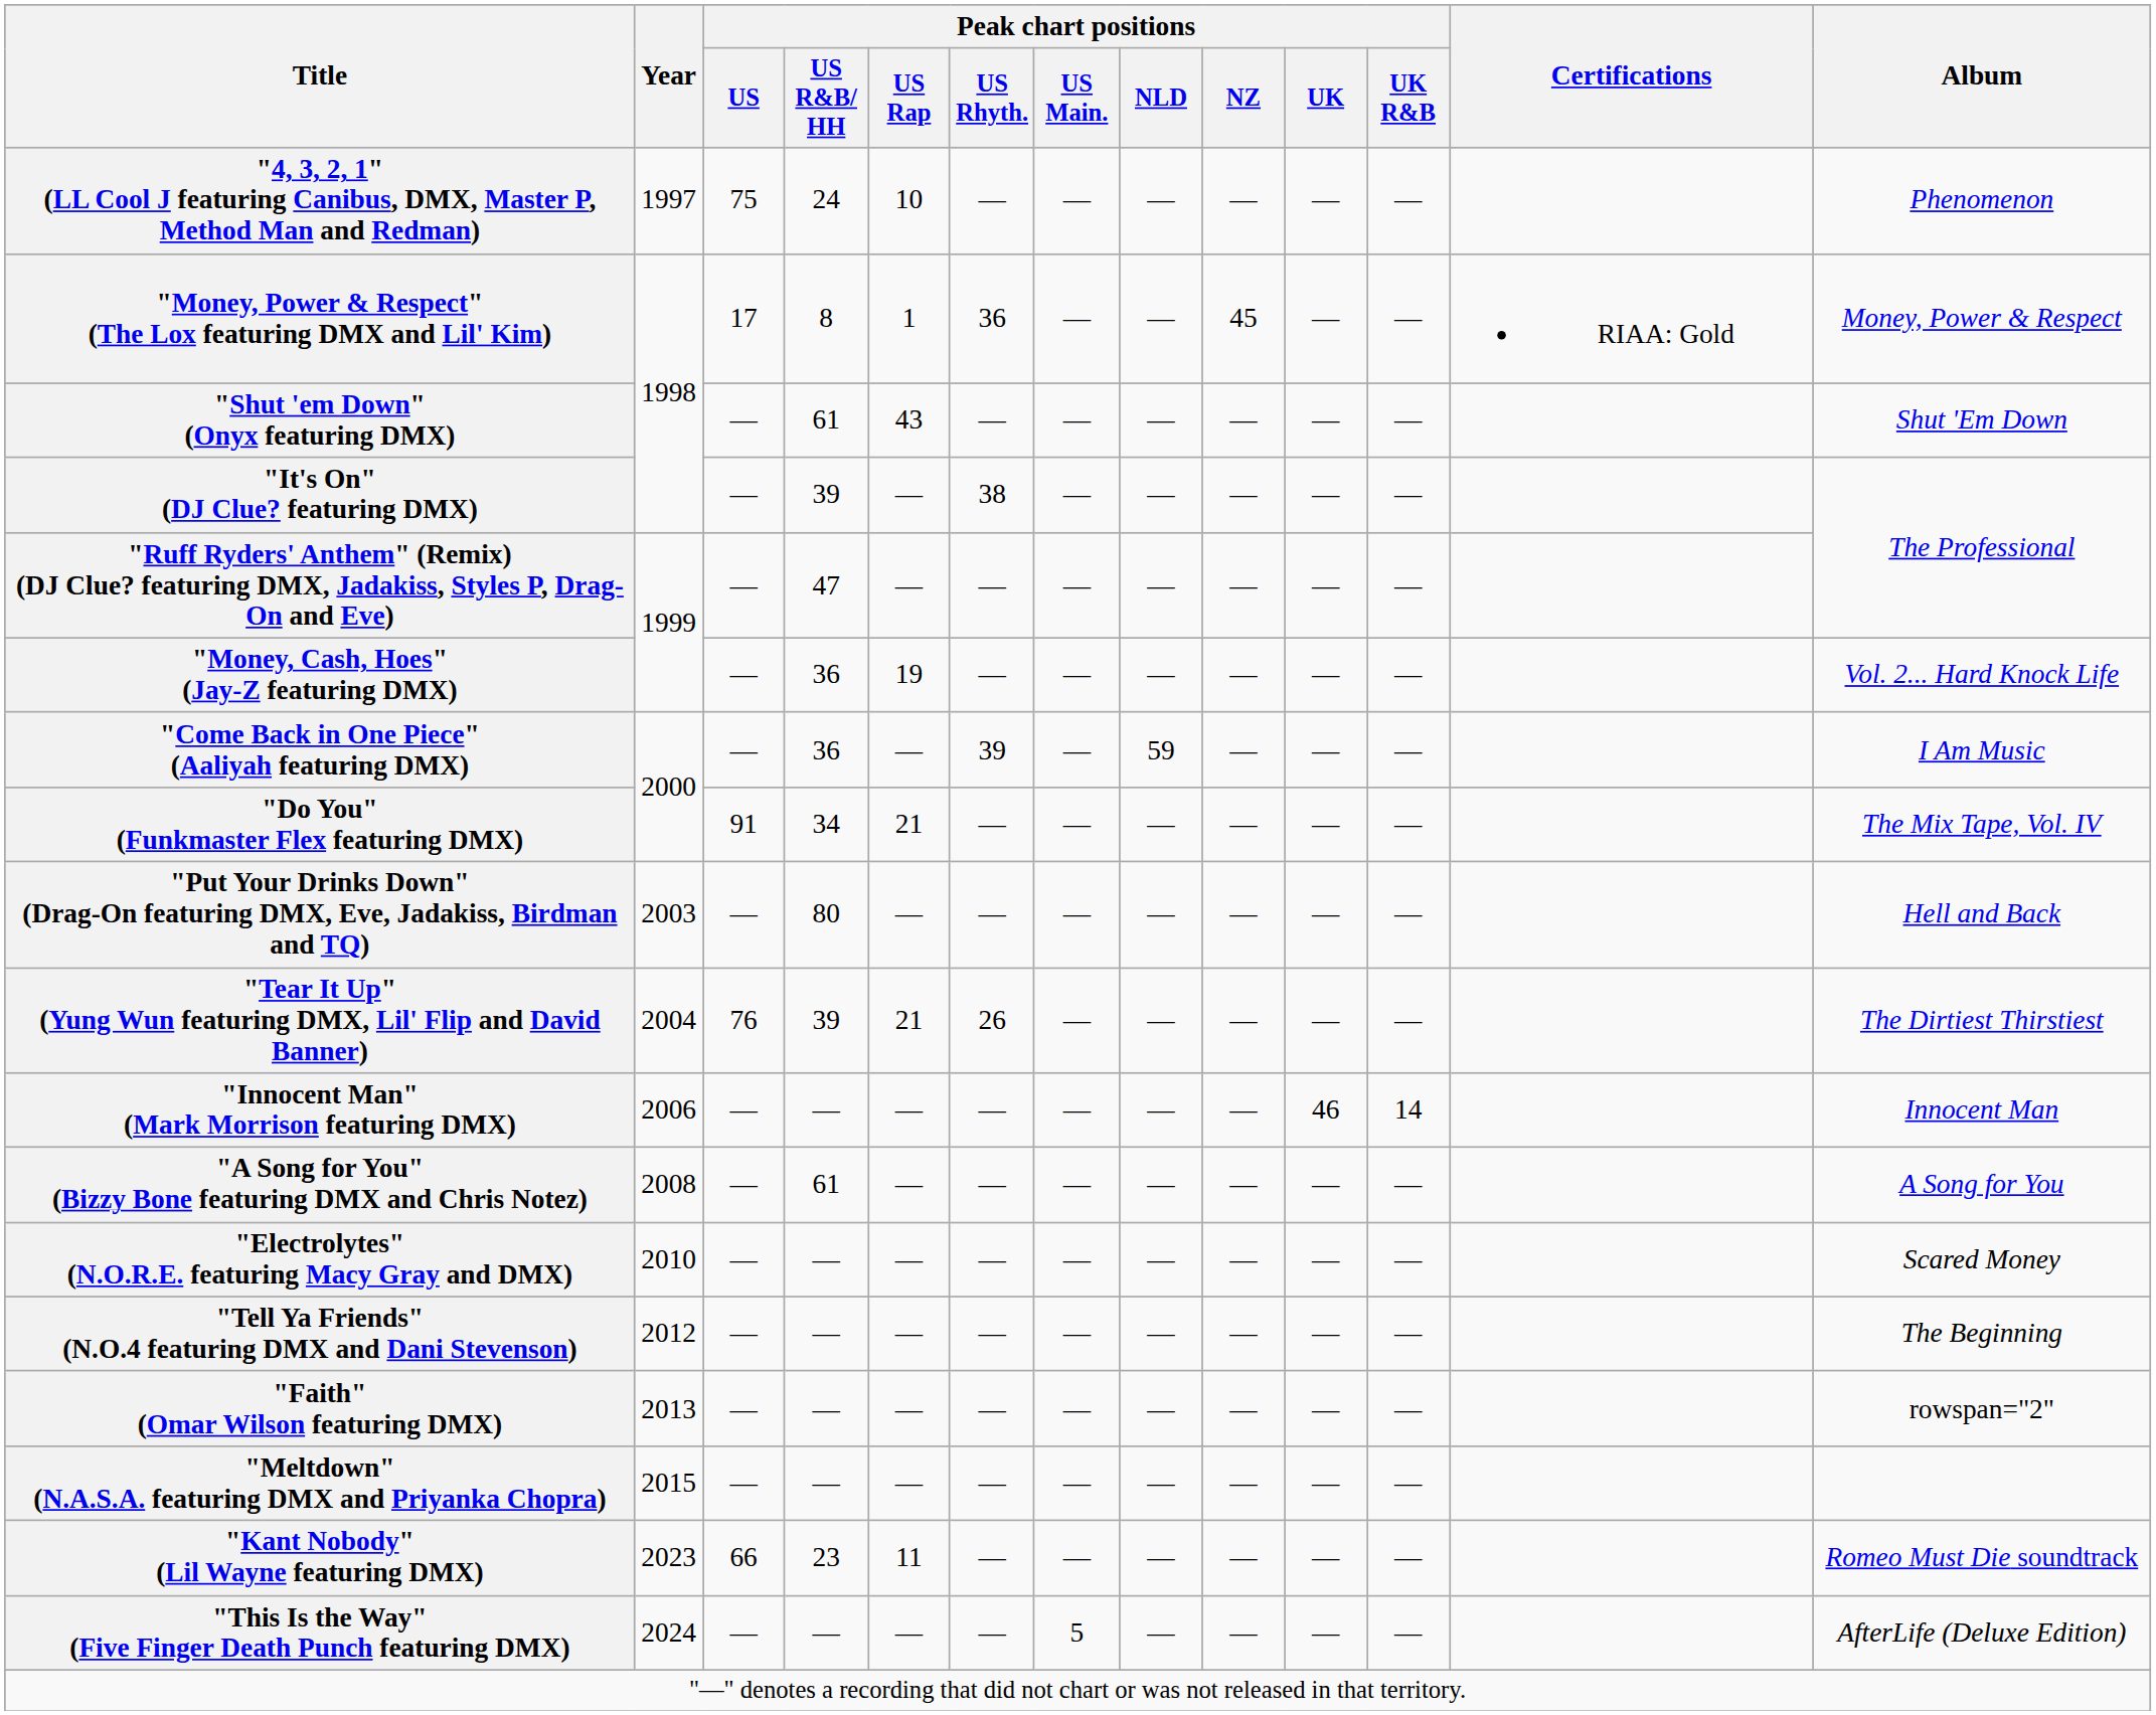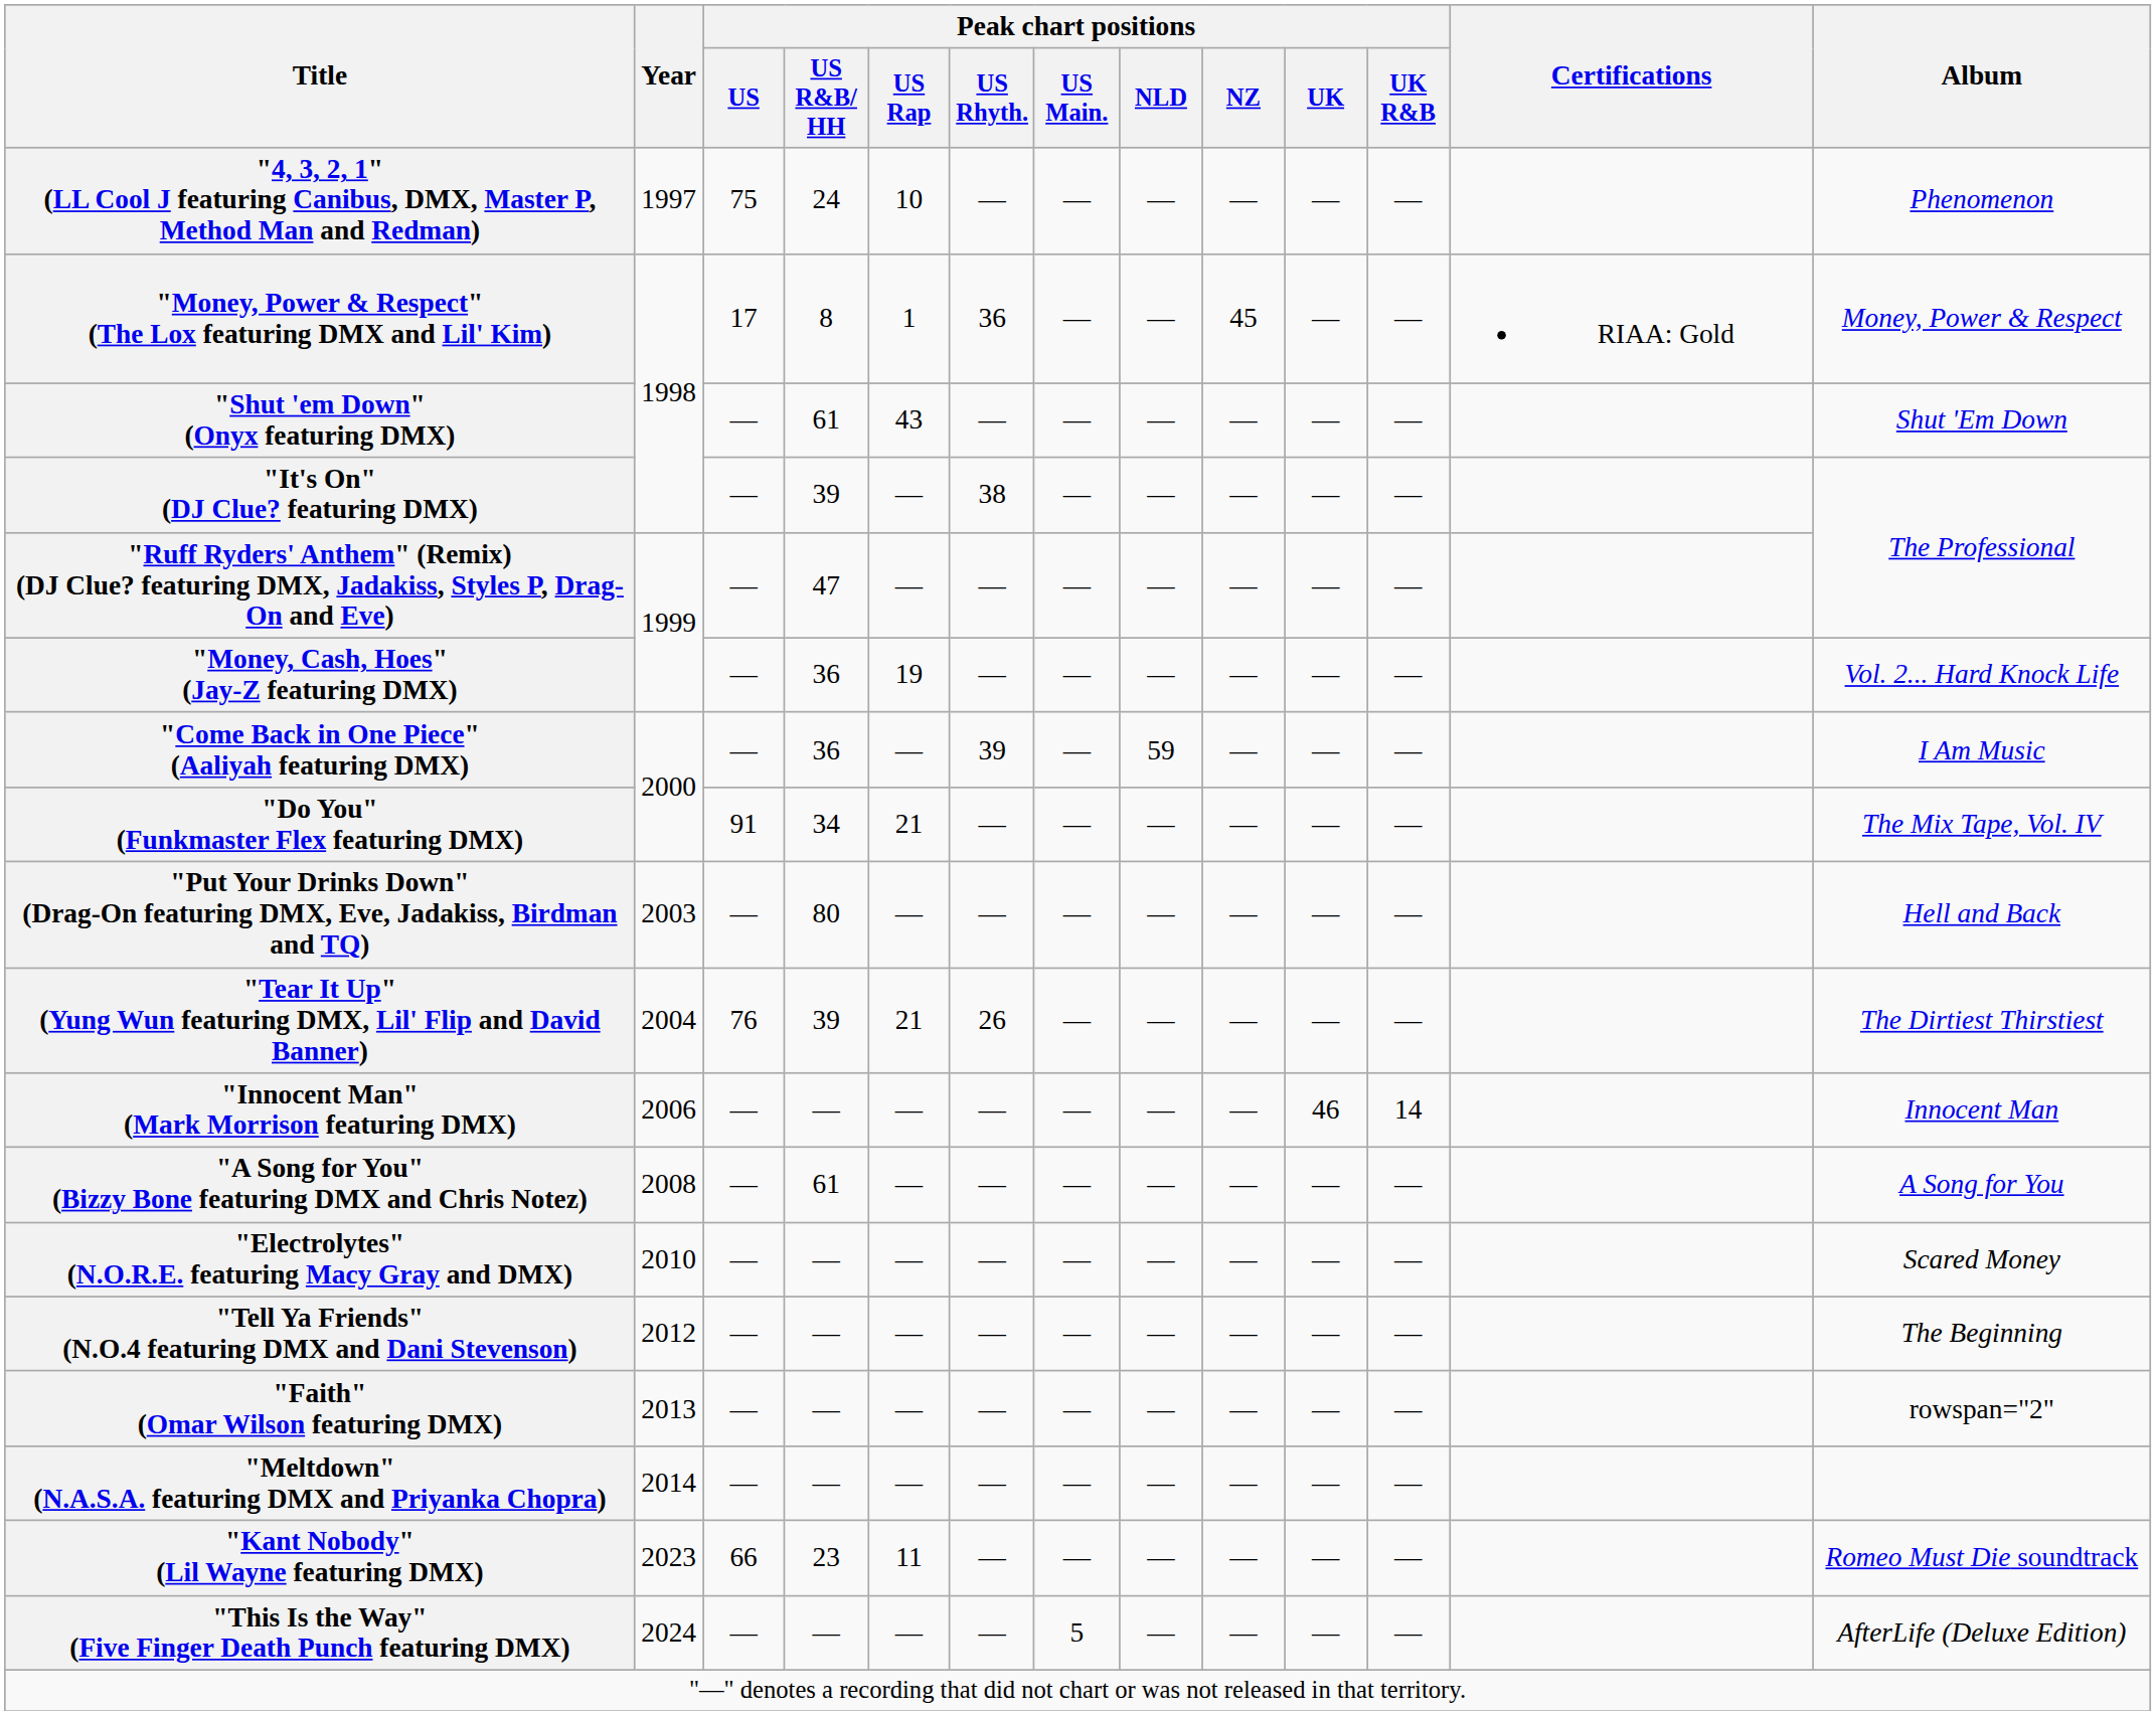 <table class="wikitable plainrowheaders" style="text-align:center;">
 <tr>
 <th scope="col" rowspan="2" style="width:23em;">Title</th>
 <th scope="col" rowspan="2">Year</th>
 <th scope="col" colspan="9">Peak chart positions</th>
 <th scope="col" rowspan="2" style="width:13em;"><a href='#'>Certifications</a></th>
 <th scope="col" rowspan="2" style="width:12em;">Album</th>
 </tr>
 <tr>
 <th scope="col" style="width:2.9em;font-size:90%;"><a href='#'>US</a><br></th>
 <th scope="col" style="width:2.9em;font-size:90%;"><a href='#'>US<br>R&B/<br>HH</a><br></th>
 <th scope="col" style="width:2.9em;font-size:90%;"><a href='#'>US<br>Rap</a><br></th>
 <th scope="col" style="width:2.9em;font-size:90%;"><a href='#'>US<br>Rhyth.</a><br></th>
 <th scope="col" style="width:3em;font-size:90%;"><a href='#'>US<br>Main.</a></th>
 <th scope="col" style="width:2.9em;font-size:90%;"><a href='#'>NLD</a><br></th>
 <th scope="col" style="width:2.9em;font-size:90%;"><a href='#'>NZ</a><br></th>
 <th scope="col" style="width:2.9em;font-size:90%;"><a href='#'>UK</a><br></th>
 <th scope="col" style="width:2.9em;font-size:90%;"><a href='#'>UK<br>R&B</a><br></th>
 </tr>
 <tr>
 <th scope="row">"<a href='#'>4, 3, 2, 1</a>"<br><span>(<a href='#'>LL Cool J</a> featuring <a href='#'>Canibus</a>, DMX, <a href='#'>Master P</a>, <a href='#'>Method Man</a> and <a href='#'>Redman</a>)</span></th>
 <td>1997</td>
 <td>75</td>
 <td>24</td>
 <td>10</td>
 <td>—</td>
 <td>—</td>
 <td>—</td>
 <td>—</td>
 <td>—</td>
 <td>—</td>
 <td></td>
 <td><em><a href='#'>Phenomenon</a></em></td>
 </tr>
 <tr>
 <th scope="row">"<a href='#'>Money, Power & Respect</a>"<br><span>(<a href='#'>The Lox</a> featuring DMX and <a href='#'>Lil' Kim</a>)</span></th>
 <td rowspan="3">1998</td>
 <td>17</td>
 <td>8</td>
 <td>1</td>
 <td>36</td>
 <td>—</td>
 <td>—</td>
 <td>45</td>
 <td>—</td>
 <td>—</td>
 <td><br><ul><li>RIAA: Gold</li></ul></td>
 <td><em><a href='#'>Money, Power & Respect</a></em></td>
 </tr>
 <tr>
 <th scope="row">"<a href='#'>Shut 'em Down</a>"<br><span>(<a href='#'>Onyx</a> featuring DMX)</span></th>
 <td>—</td>
 <td>61</td>
 <td>43</td>
 <td>—</td>
 <td>—</td>
 <td>—</td>
 <td>—</td>
 <td>—</td>
 <td>—</td>
 <td></td>
 <td><em><a href='#'>Shut 'Em Down</a></em></td>
 </tr>
 <tr>
 <th scope="row">"It's On"<br><span>(<a href='#'>DJ Clue?</a> featuring DMX)</span></th>
 <td>—</td>
 <td>39</td>
 <td>—</td>
 <td>38</td>
 <td>—</td>
 <td>—</td>
 <td>—</td>
 <td>—</td>
 <td>—</td>
 <td></td>
 <td rowspan="2"><em><a href='#'>The Professional</a></em></td>
 </tr>
 <tr>
 <th scope="row">"<a href='#'>Ruff Ryders' Anthem</a>" (Remix)<br><span>(DJ Clue? featuring DMX, <a href='#'>Jadakiss</a>, <a href='#'>Styles P</a>, <a href='#'>Drag-On</a> and <a href='#'>Eve</a>)</span></th>
 <td rowspan="2">1999</td>
 <td>—</td>
 <td>47</td>
 <td>—</td>
 <td>—</td>
 <td>—</td>
 <td>—</td>
 <td>—</td>
 <td>—</td>
 <td>—</td>
 <td></td>
 </tr>
 <tr>
 <th scope="row">"<a href='#'>Money, Cash, Hoes</a>"<br><span>(<a href='#'>Jay-Z</a> featuring DMX)</span></th>
 <td>—</td>
 <td>36</td>
 <td>19</td>
 <td>—</td>
 <td>—</td>
 <td>—</td>
 <td>—</td>
 <td>—</td>
 <td>—</td>
 <td></td>
 <td><em><a href='#'>Vol. 2... Hard Knock Life</a></em></td>
 </tr>
 <tr>
 <th scope="row">"<a href='#'>Come Back in One Piece</a>"<br><span>(<a href='#'>Aaliyah</a> featuring DMX)</span></th>
 <td rowspan="2">2000</td>
 <td>—</td>
 <td>36</td>
 <td>—</td>
 <td>39</td>
 <td>—</td>
 <td>59</td>
 <td>—</td>
 <td>—</td>
 <td>—</td>
 <td></td>
 <td><em><a href='#'>I Am Music</a></em></td>
 </tr>
 <tr>
 <th scope="row">"Do You"<br><span>(<a href='#'>Funkmaster Flex</a> featuring DMX)</span></th>
 <td>91</td>
 <td>34</td>
 <td>21</td>
 <td>—</td>
 <td>—</td>
 <td>—</td>
 <td>—</td>
 <td>—</td>
 <td>—</td>
 <td></td>
 <td><em><a href='#'>The Mix Tape, Vol. IV</a></em></td>
 </tr>
 <tr>
 <th scope="row">"Put Your Drinks Down"<br><span>(Drag-On featuring DMX, Eve, Jadakiss, <a href='#'>Birdman</a> and <a href='#'>TQ</a>)</span></th>
 <td>2003</td>
 <td>—</td>
 <td>80</td>
 <td>—</td>
 <td>—</td>
 <td>—</td>
 <td>—</td>
 <td>—</td>
 <td>—</td>
 <td>—</td>
 <td></td>
 <td><em><a href='#'>Hell and Back</a></em></td>
 </tr>
 <tr>
 <th scope="row">"<a href='#'>Tear It Up</a>"<br><span>(<a href='#'>Yung Wun</a> featuring DMX, <a href='#'>Lil' Flip</a> and <a href='#'>David Banner</a>)</span></th>
 <td>2004</td>
 <td>76</td>
 <td>39</td>
 <td>21</td>
 <td>26</td>
 <td>—</td>
 <td>—</td>
 <td>—</td>
 <td>—</td>
 <td>—</td>
 <td></td>
 <td><em><a href='#'>The Dirtiest Thirstiest</a></em></td>
 </tr>
 <tr>
 <th scope="row">"Innocent Man"<br><span>(<a href='#'>Mark Morrison</a> featuring DMX)</span></th>
 <td>2006</td>
 <td>—</td>
 <td>—</td>
 <td>—</td>
 <td>—</td>
 <td>—</td>
 <td>—</td>
 <td>—</td>
 <td>46</td>
 <td>14</td>
 <td></td>
 <td><em><a href='#'>Innocent Man</a></em></td>
 </tr>
 <tr>
 <th scope="row">"A Song for You"<br><span>(<a href='#'>Bizzy Bone</a> featuring DMX and Chris Notez)</span></th>
 <td>2008</td>
 <td>—</td>
 <td>61</td>
 <td>—</td>
 <td>—</td>
 <td>—</td>
 <td>—</td>
 <td>—</td>
 <td>—</td>
 <td>—</td>
 <td></td>
 <td><em><a href='#'>A Song for You</a></em></td>
 </tr>
 <tr>
 <th scope="row">"Electrolytes"<br><span>(<a href='#'>N.O.R.E.</a> featuring <a href='#'>Macy Gray</a> and DMX)</span></th>
 <td>2010</td>
 <td>—</td>
 <td>—</td>
 <td>—</td>
 <td>—</td>
 <td>—</td>
 <td>—</td>
 <td>—</td>
 <td>—</td>
 <td>—</td>
 <td></td>
 <td><em>Scared Money</em></td>
 </tr>
 <tr>
 <th scope="row">"Tell Ya Friends"<br><span>(N.O.4 featuring DMX and <a href='#'>Dani Stevenson</a>)</span></th>
 <td>2012</td>
 <td>—</td>
 <td>—</td>
 <td>—</td>
 <td>—</td>
 <td>—</td>
 <td>—</td>
 <td>—</td>
 <td>—</td>
 <td>—</td>
 <td></td>
 <td><em>The Beginning</em></td>
 </tr>
 <tr>
 <th scope="row">"Faith"<br><span>(<a href='#'>Omar Wilson</a> featuring DMX)</span></th>
 <td>2013</td>
 <td>—</td>
 <td>—</td>
 <td>—</td>
 <td>—</td>
 <td>—</td>
 <td>—</td>
 <td>—</td>
 <td>—</td>
 <td>—</td>
 <td></td>
 <td>rowspan="2" </td>
 </tr>
 <tr>
 <th scope="row">"Meltdown"<br><span>(<a href='#'>N.A.S.A.</a> featuring DMX and <a href='#'>Priyanka Chopra</a>)</span></th>
-<td>2015</td>
+<td>2014</td>
 <td>—</td>
 <td>—</td>
 <td>—</td>
 <td>—</td>
 <td>—</td>
 <td>—</td>
 <td>—</td>
 <td>—</td>
 <td>—</td>
 <td></td>
 </tr>
 <tr>
 <th scope="row">"<a href='#'>Kant Nobody</a>"<br><span>(<a href='#'>Lil Wayne</a> featuring DMX)</span></th>
 <td>2023</td>
 <td>66</td>
 <td>23</td>
 <td>11</td>
 <td>—</td>
 <td>—</td>
 <td>—</td>
 <td>—</td>
 <td>—</td>
 <td>—</td>
 <td></td>
 <td><a href='#'><em>Romeo Must Die</em> soundtrack</a></td>
 </tr>
 <tr>
 <th scope="row">"This Is the Way"<br><span>(<a href='#'>Five Finger Death Punch</a> featuring DMX)</span></th>
 <td>2024</td>
 <td>—</td>
 <td>—</td>
 <td>—</td>
 <td>—</td>
 <td>5</td>
 <td>—</td>
 <td>—</td>
 <td>—</td>
 <td>—</td>
 <td></td>
 <td><em>AfterLife (Deluxe Edition)</em></td>
 </tr>
 <tr>
 <td colspan="14" style="font-size:90%">"—" denotes a recording that did not chart or was not released in that territory.</td>
 </tr>
 </table>
